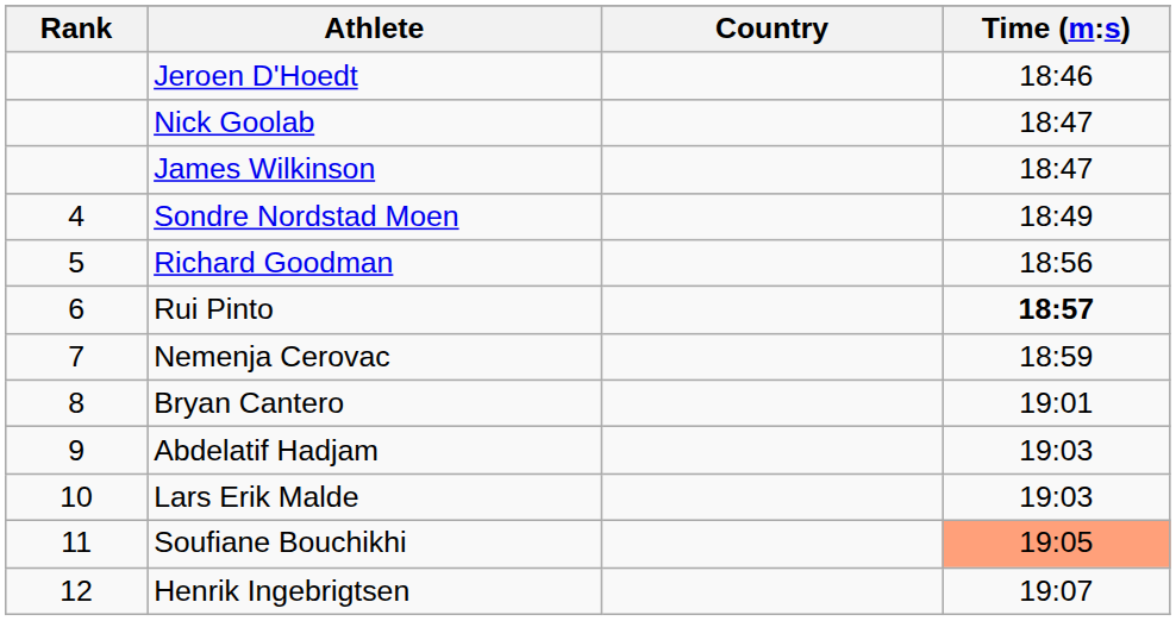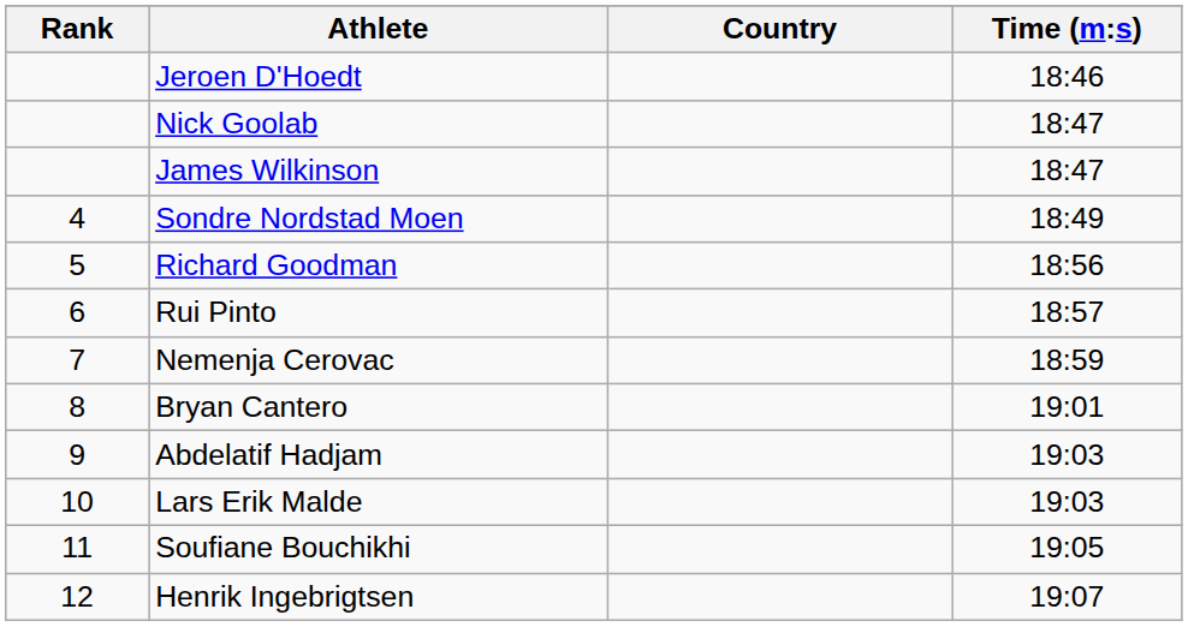 <table class="wikitable" width=50%>
 <tr>
 </tr>
 <tr>
 <th width=5%>Rank</th>
 <th width=20%>Athlete</th>
 <th width=15%>Country</th>
 <th width=10%>Time (<a href='#'>m</a>:<a href='#'>s</a>)</th>
 </tr>
 <tr align="center">
 <td></td>
 <td align="left"><a href='#'>Jeroen D'Hoedt</a></td>
 <td align="left"></td>
 <td>18:46</td>
 </tr>
 <tr align="center">
 <td></td>
 <td align="left"><a href='#'>Nick Goolab</a></td>
 <td align="left"></td>
 <td>18:47</td>
 </tr>
 <tr align="center">
 <td></td>
 <td align="left"><a href='#'>James Wilkinson</a></td>
 <td align="left"></td>
 <td>18:47</td>
 </tr>
 <tr align="center">
 <td>4</td>
 <td align="left"><a href='#'>Sondre Nordstad Moen</a></td>
 <td align="left"></td>
 <td>18:49</td>
 </tr>
 <tr align="center">
 <td>5</td>
 <td align="left"><a href='#'>Richard Goodman</a></td>
 <td align="left"></td>
 <td>18:56</td>
 </tr>
 <tr align="center">
 <td>6</td>
 <td align="left">Rui Pinto</td>
 <td align="left"></td>
-<td><strong>18:57</strong></td>
+<td>18:57</td>
 </tr>
 <tr align="center">
 <td>7</td>
 <td align="left">Nemenja Cerovac</td>
 <td align="left"></td>
 <td>18:59</td>
 </tr>
 <tr align="center">
 <td>8</td>
 <td align="left">Bryan Cantero</td>
 <td align="left"></td>
 <td>19:01</td>
 </tr>
 <tr align="center">
 <td>9</td>
 <td align="left">Abdelatif Hadjam</td>
 <td align="left"></td>
 <td>19:03</td>
 </tr>
 <tr align="center">
 <td>10</td>
 <td align="left">Lars Erik Malde</td>
 <td align="left"></td>
 <td>19:03</td>
 </tr>
 <tr align="center">
 <td>11</td>
 <td align="left">Soufiane Bouchikhi</td>
 <td align="left"></td>
-<td style="background: lightsalmon;">19:05</td>
+<td>19:05</td>
 </tr>
 <tr align="center">
 <td>12</td>
 <td align="left">Henrik Ingebrigtsen</td>
 <td align="left"></td>
 <td>19:07</td>
 </tr>
 </table>
